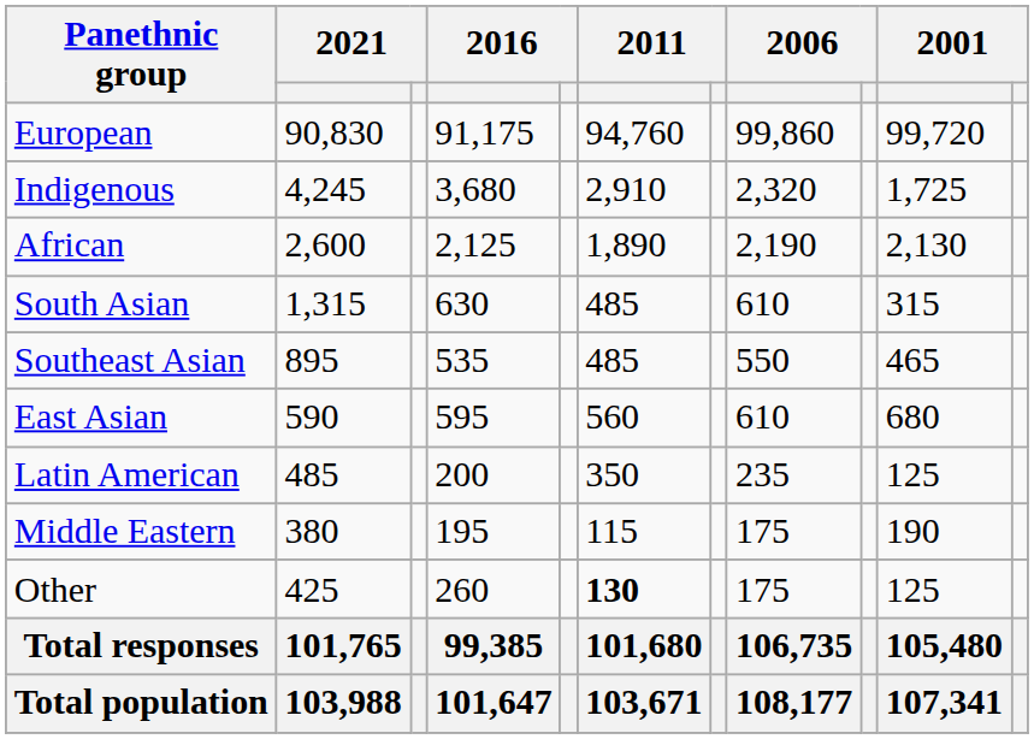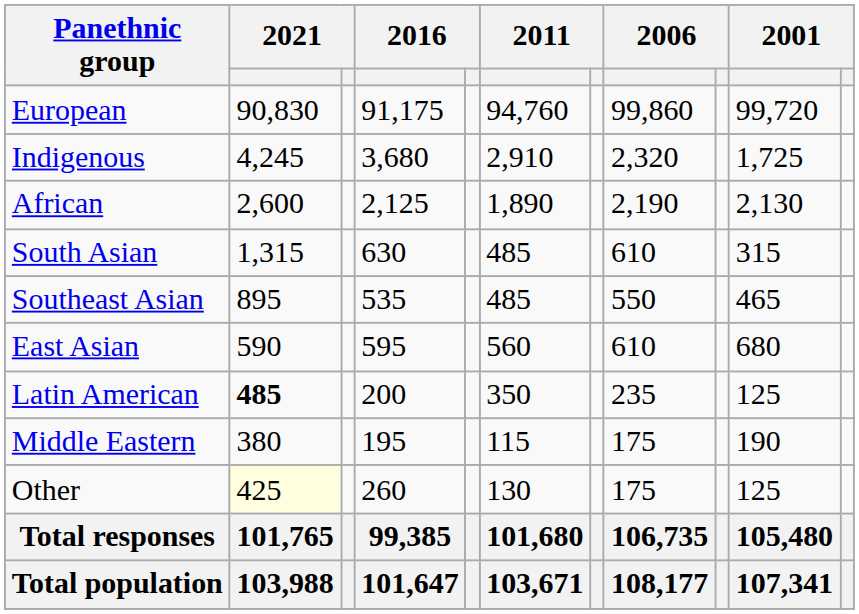 <table class="wikitable collapsible sortable">
 <tr>
 <th rowspan="2"><a href='#'>Panethnic</a><br>group</th>
 <th colspan="2">2021</th>
 <th colspan="2">2016</th>
 <th colspan="2">2011</th>
 <th colspan="2">2006</th>
 <th colspan="2">2001</th>
 </tr>
 <tr>
 <th><a href='#'></a></th>
 <th></th>
 <th></th>
 <th></th>
 <th></th>
 <th></th>
 <th></th>
 <th></th>
 <th></th>
 <th></th>
 </tr>
 <tr>
 <td><a href='#'>European</a></td>
 <td>90,830</td>
 <td></td>
 <td>91,175</td>
 <td></td>
 <td>94,760</td>
 <td></td>
 <td>99,860</td>
 <td></td>
 <td>99,720</td>
 <td></td>
 </tr>
 <tr>
 <td><a href='#'>Indigenous</a></td>
 <td>4,245</td>
 <td></td>
 <td>3,680</td>
 <td></td>
 <td>2,910</td>
 <td></td>
 <td>2,320</td>
 <td></td>
 <td>1,725</td>
 <td></td>
 </tr>
 <tr>
 <td><a href='#'>African</a></td>
 <td>2,600</td>
 <td></td>
 <td>2,125</td>
 <td></td>
 <td>1,890</td>
 <td></td>
 <td>2,190</td>
 <td></td>
 <td>2,130</td>
 <td></td>
 </tr>
 <tr>
 <td><a href='#'>South Asian</a></td>
 <td>1,315</td>
 <td></td>
 <td>630</td>
 <td></td>
 <td>485</td>
 <td></td>
 <td>610</td>
 <td></td>
 <td>315</td>
 <td></td>
 </tr>
 <tr>
 <td><a href='#'>Southeast Asian</a></td>
 <td>895</td>
 <td></td>
 <td>535</td>
 <td></td>
 <td>485</td>
 <td></td>
 <td>550</td>
 <td></td>
 <td>465</td>
 <td></td>
 </tr>
 <tr>
 <td><a href='#'>East Asian</a></td>
 <td>590</td>
 <td></td>
 <td>595</td>
 <td></td>
 <td>560</td>
 <td></td>
 <td>610</td>
 <td></td>
 <td>680</td>
 <td></td>
 </tr>
 <tr>
 <td><a href='#'>Latin American</a></td>
-<td>485</td>
+<td><strong>485</strong></td>
 <td></td>
 <td>200</td>
 <td></td>
 <td>350</td>
 <td></td>
 <td>235</td>
 <td></td>
 <td>125</td>
 <td></td>
 </tr>
 <tr>
 <td><a href='#'>Middle Eastern</a></td>
 <td>380</td>
 <td></td>
 <td>195</td>
 <td></td>
 <td>115</td>
 <td></td>
 <td>175</td>
 <td></td>
 <td>190</td>
 <td></td>
 </tr>
 <tr>
 <td>Other</td>
-<td>425</td>
+<td style="background: lightyellow;">425</td>
 <td></td>
 <td>260</td>
 <td></td>
-<td><strong>130</strong></td>
+<td>130</td>
 <td></td>
 <td>175</td>
 <td></td>
 <td>125</td>
 <td></td>
 </tr>
 <tr>
 <th>Total responses</th>
 <th>101,765</th>
 <th></th>
 <th>99,385</th>
 <th></th>
 <th>101,680</th>
 <th></th>
 <th>106,735</th>
 <th></th>
 <th>105,480</th>
 <th></th>
 </tr>
 <tr>
 <th>Total population</th>
 <th>103,988</th>
 <th></th>
 <th>101,647</th>
 <th></th>
 <th>103,671</th>
 <th></th>
 <th>108,177</th>
 <th></th>
 <th>107,341</th>
 <th></th>
 </tr>
 </table>
